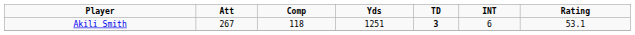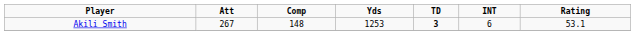 <table class="wikitable" width="80%">
 <tr align="center">
 <td><strong>Player</strong></td>
 <td><strong>Att</strong></td>
 <td><strong>Comp</strong></td>
 <td><strong>Yds</strong></td>
 <td><strong>TD</strong></td>
 <td><strong>INT</strong></td>
 <td><strong>Rating</strong></td>
 </tr>
 <tr align="center" bgcolor="">
 <td><a href='#'>Akili Smith</a></td>
 <td>267</td>
-<td>118</td>
-<td>1251</td>
+<td>148</td>
+<td>1253</td>
 <td><strong>3</strong></td>
 <td>6</td>
 <td>53.1</td>
 </tr>
 <tr align="center" bgcolor="">
 </tr>
 </table>
